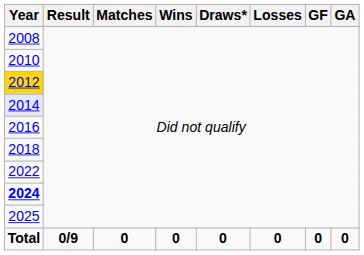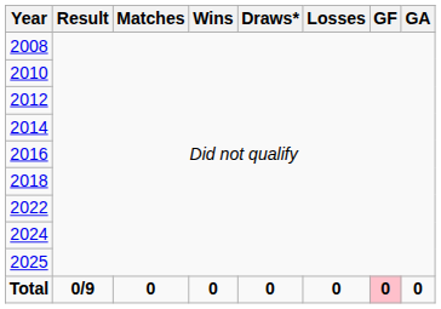 <table class="wikitable" style="text-align: center;">
 <tr>
 <th>Year</th>
 <th>Result</th>
 <th>Matches</th>
 <th>Wins</th>
 <th>Draws*</th>
 <th>Losses</th>
 <th>GF</th>
 <th>GA</th>
 </tr>
 <tr>
 <td> <a href='#'>2008</a></td>
 <td colspan=7 rowspan=9><em>Did not qualify</em></td>
 </tr>
 <tr>
 <td> <a href='#'>2010</a></td>
 </tr>
 <tr>
-<td style="background: gold;"> <a href='#'>2012</a></td>
+<td> <a href='#'>2012</a></td>
 </tr>
 <tr>
-<td style="background: lavender;"> <a href='#'>2014</a></td>
+<td> <a href='#'>2014</a></td>
 </tr>
 <tr>
 <td> <a href='#'>2016</a></td>
 </tr>
 <tr>
 <td> <a href='#'>2018</a></td>
 </tr>
 <tr>
 <td> <a href='#'>2022</a></td>
 </tr>
 <tr>
-<td><strong> <a href='#'>2024</a></strong></td>
+<td> <a href='#'>2024</a></td>
 </tr>
 <tr>
 <td> <a href='#'>2025</a></td>
 </tr>
 <tr>
 <td><strong>Total</strong></td>
 <td><strong>0/9</strong></td>
 <td><strong>0</strong></td>
 <td><strong>0</strong></td>
 <td><strong>0</strong></td>
 <td><strong>0</strong></td>
-<td><strong>0</strong></td>
+<td style="background: pink;"><strong>0</strong></td>
 <td><strong>0</strong></td>
 </tr>
 </table>
